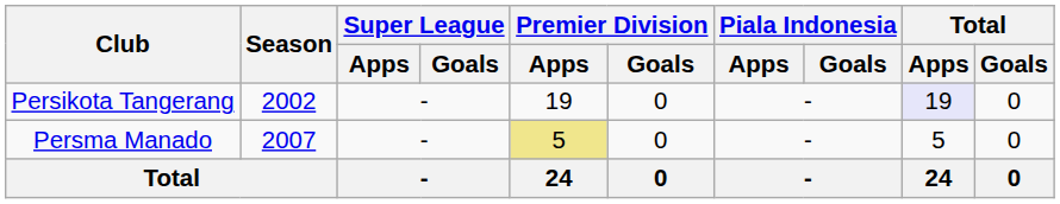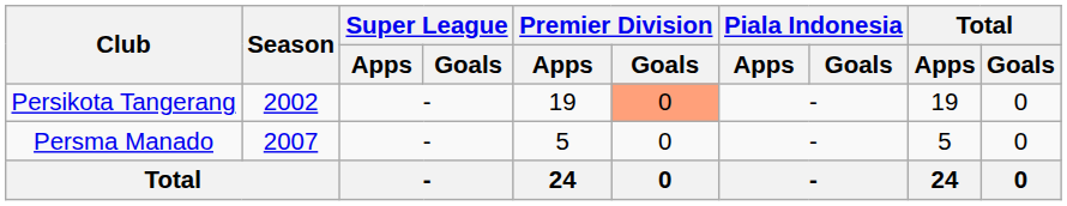 <table class="wikitable" style="font-size:90%; text-align:center;">
 <tr>
 <th rowspan="2">Club</th>
 <th rowspan="2">Season</th>
 <th colspan="2"><a href='#'>Super League</a></th>
 <th colspan="2"><a href='#'>Premier Division</a></th>
 <th colspan="2"><a href='#'>Piala Indonesia</a></th>
 <th colspan="2">Total</th>
 </tr>
 <tr>
 <th>Apps</th>
 <th>Goals</th>
 <th>Apps</th>
 <th>Goals</th>
 <th>Apps</th>
 <th>Goals</th>
 <th>Apps</th>
 <th>Goals</th>
 </tr>
 <tr>
 <td rowspan="1"><a href='#'>Persikota Tangerang</a></td>
 <td><a href='#'>2002</a></td>
 <td colspan="2">-</td>
 <td>19</td>
-<td>0</td>
+<td style="background: lightsalmon;">0</td>
 <td colspan="2">-</td>
-<td style="background: lavender;">19</td>
+<td>19</td>
 <td>0</td>
 </tr>
 <tr>
 <td rowspan="1"><a href='#'>Persma Manado</a></td>
 <td><a href='#'>2007</a></td>
 <td colspan="2">-</td>
-<td style="background: khaki;">5</td>
+<td>5</td>
 <td>0</td>
 <td colspan="2">-</td>
 <td>5</td>
 <td>0</td>
 </tr>
 <tr>
 <th colspan="2">Total</th>
 <th colspan="2">-</th>
 <th>24</th>
 <th>0</th>
 <th colspan="2">-</th>
 <th>24</th>
 <th>0</th>
 </tr>
 </table>
